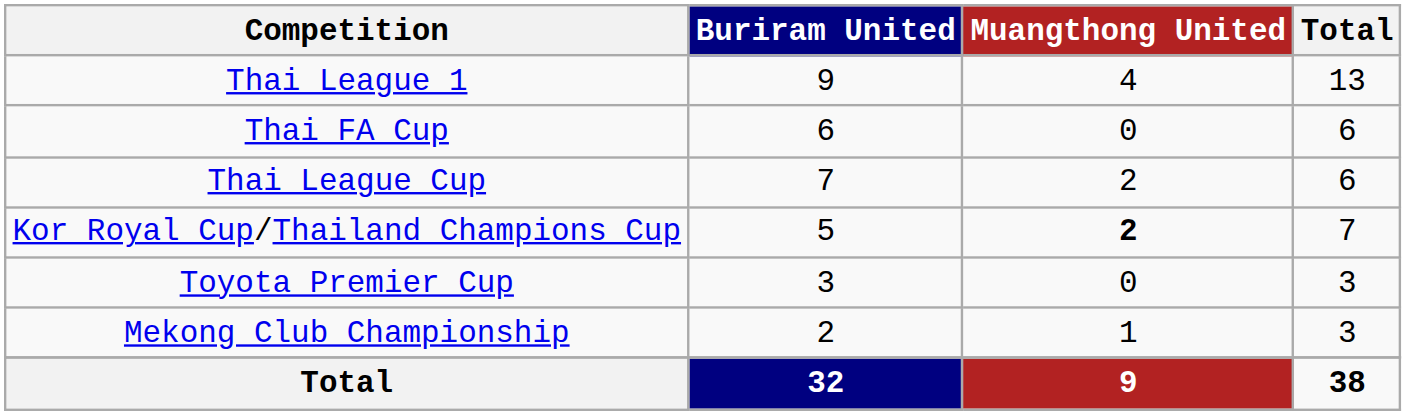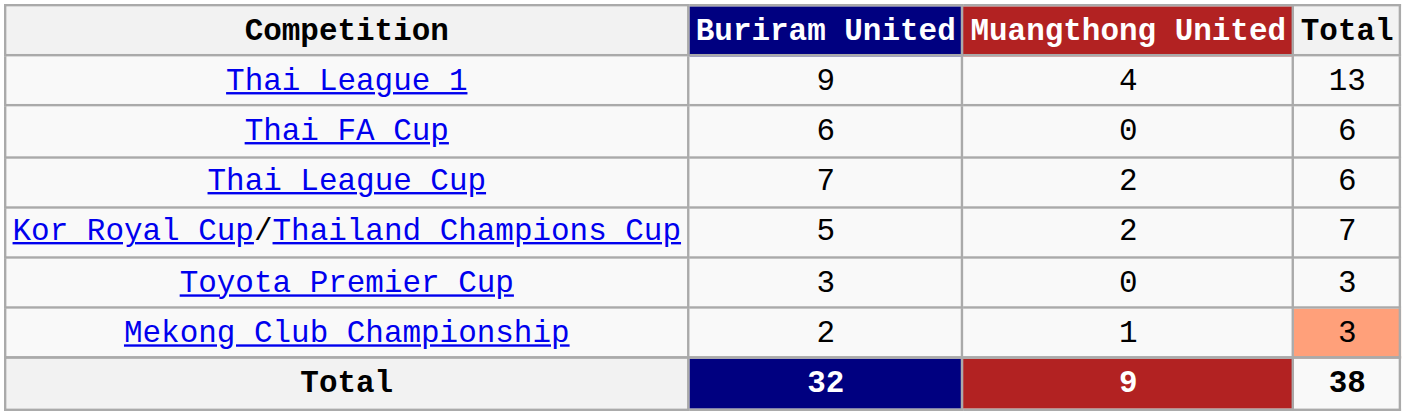 <table class="sortable wikitable plainrowheaders" style="text-align:center">
 <tr>
 <th scope=col>Competition</th>
 <th style="text-align:center; color:#fff; background:navy;">Buriram United</th>
 <th style="text-align:center; color:#fff; background:firebrick;">Muangthong United</th>
 <th scope=col>Total</th>
 </tr>
 <tr>
 <td><a href='#'>Thai League 1</a></td>
 <td>9</td>
 <td>4</td>
 <td>13</td>
 </tr>
 <tr>
 <td><a href='#'>Thai FA Cup</a></td>
 <td>6</td>
 <td>0</td>
 <td>6</td>
 </tr>
 <tr>
 <td><a href='#'>Thai League Cup</a></td>
 <td>7</td>
 <td>2</td>
 <td>6</td>
 </tr>
 <tr>
 <td><a href='#'>Kor Royal Cup</a>/<a href='#'>Thailand Champions Cup</a></td>
 <td>5</td>
-<td><strong>2</strong></td>
+<td>2</td>
 <td>7</td>
 </tr>
 <tr>
 <td><a href='#'>Toyota Premier Cup</a></td>
 <td>3</td>
 <td>0</td>
 <td>3</td>
 </tr>
 <tr>
 <td><a href='#'>Mekong Club Championship</a></td>
 <td>2</td>
 <td>1</td>
-<td>3</td>
+<td style="background: lightsalmon;">3</td>
 </tr>
 <tr>
 </tr>
 <tr class="sortbottom">
 <th scope=row><strong>Total</strong></th>
 <td style="text-align:center; color:#fff; background:navy;"><strong>32</strong></td>
 <td style="text-align:center; color:#fff; background:firebrick;"><strong>9</strong></td>
 <td><strong>38</strong></td>
 </tr>
 </table>
